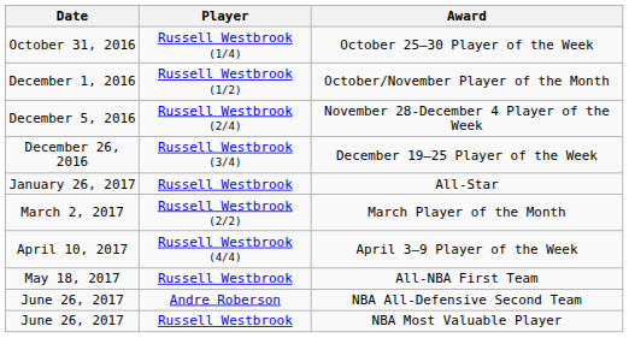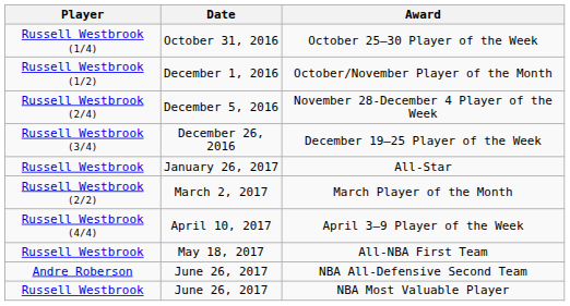 <table class="wikitable sortable sortable" style="text-align: center">
 <tr>
+<th>Player</th>
 <th>Date</th>
-<th>Player</th>
 <th>Award</th>
 </tr>
 <tr style="text-align: center">
+<td><a href='#'>Russell Westbrook</a> <small>(1/4)</small></td>
 <td>October 31, 2016</td>
-<td><a href='#'>Russell Westbrook</a> <small>(1/4)</small></td>
 <td>October 25–30 Player of the Week</td>
 </tr>
 <tr style="text-align: center">
+<td><a href='#'>Russell Westbrook</a> <small>(1/2)</small></td>
 <td>December 1, 2016</td>
-<td><a href='#'>Russell Westbrook</a> <small>(1/2)</small></td>
 <td>October/November Player of the Month</td>
 </tr>
 <tr style="text-align: center">
+<td><a href='#'>Russell Westbrook</a> <small>(2/4)</small></td>
 <td>December 5, 2016</td>
-<td><a href='#'>Russell Westbrook</a> <small>(2/4)</small></td>
 <td>November 28-December 4 Player of the Week</td>
 </tr>
 <tr style="text-align: center">
+<td><a href='#'>Russell Westbrook</a> <small>(3/4)</small></td>
 <td>December 26, 2016</td>
-<td><a href='#'>Russell Westbrook</a> <small>(3/4)</small></td>
 <td>December 19–25 Player of the Week</td>
 </tr>
 <tr style="text-align: center">
+<td><a href='#'>Russell Westbrook</a></td>
 <td>January 26, 2017</td>
-<td><a href='#'>Russell Westbrook</a></td>
 <td>All-Star</td>
 </tr>
 <tr style="text-align: center">
+<td><a href='#'>Russell Westbrook</a> <small>(2/2)</small></td>
 <td>March 2, 2017</td>
-<td><a href='#'>Russell Westbrook</a> <small>(2/2)</small></td>
 <td>March Player of the Month</td>
 </tr>
 <tr style="text-align: center">
+<td><a href='#'>Russell Westbrook</a> <small>(4/4)</small></td>
 <td>April 10, 2017</td>
-<td><a href='#'>Russell Westbrook</a> <small>(4/4)</small></td>
 <td>April 3–9 Player of the Week</td>
 </tr>
 <tr style="text-align: center">
+<td><a href='#'>Russell Westbrook</a></td>
 <td>May 18, 2017</td>
-<td><a href='#'>Russell Westbrook</a></td>
 <td>All-NBA First Team</td>
 </tr>
 <tr style="text-align: center">
+<td><a href='#'>Andre Roberson</a></td>
 <td>June 26, 2017</td>
-<td><a href='#'>Andre Roberson</a></td>
 <td>NBA All-Defensive Second Team</td>
 </tr>
 <tr style="text-align: center">
+<td><a href='#'>Russell Westbrook</a></td>
 <td>June 26, 2017</td>
-<td><a href='#'>Russell Westbrook</a></td>
 <td>NBA Most Valuable Player</td>
 </tr>
 </table>
